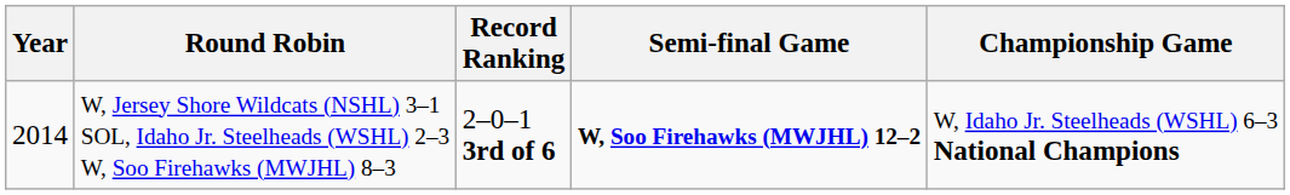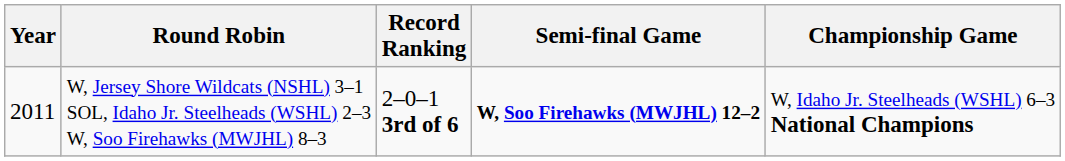 <table class="wikitable">
 <tr>
 <th>Year</th>
 <th>Round Robin</th>
 <th>Record<br>Ranking</th>
 <th>Semi-final Game</th>
 <th>Championship Game</th>
 </tr>
 <tr>
-<td>2014</td>
+<td>2011</td>
 <td><small> W, <a href='#'>Jersey Shore Wildcats (NSHL)</a> 3–1<br>SOL, <a href='#'>Idaho Jr. Steelheads (WSHL)</a> 2–3<br>W, <a href='#'>Soo Firehawks (MWJHL)</a> 8–3</small></td>
 <td>2–0–1<br><strong>3rd of 6</strong></td>
 <td><strong><small> W, <a href='#'>Soo Firehawks (MWJHL)</a> 12–2</small></strong></td>
 <td><small>W, <a href='#'>Idaho Jr. Steelheads (WSHL)</a> 6–3 </small><br><strong>National Champions</strong></td>
 </tr>
 </table>
